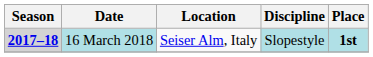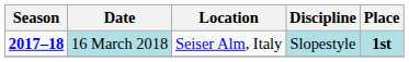 <table class="wikitable"  style="text-align:center; font-size:95%;">
 <tr>
 <th>Season</th>
 <th>Date</th>
 <th>Location</th>
 <th>Discipline</th>
 <th>Place</th>
 </tr>
 <tr>
-<td align=center style="background: lightgrey;"><strong><a href='#'>2017–18</a></strong></td>
+<td align=center><strong><a href='#'>2017–18</a></strong></td>
 <td bgcolor="#BOEOE6" align=left>16 March 2018</td>
 <td align=left> <a href='#'>Seiser Alm</a>, Italy</td>
 <td bgcolor="#BOEOE6">Slopestyle</td>
 <td bgcolor="#BOEOE6"><strong>1st</strong></td>
 </tr>
 <tr>
 </tr>
 </table>
